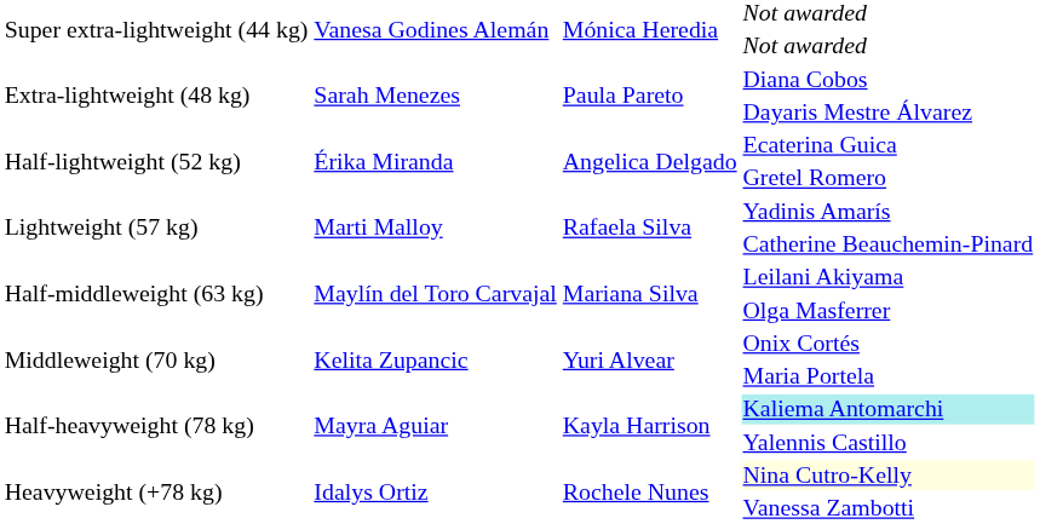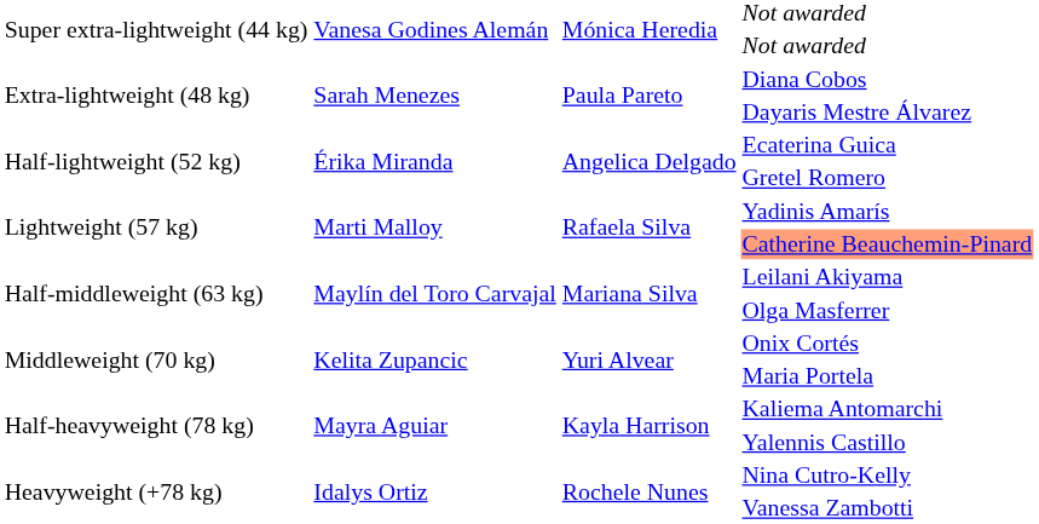 <table>
 <tr>
 <td rowspan=2>Super extra-lightweight (44 kg)</td>
 <td rowspan=2><a href='#'>Vanesa Godines Alemán</a> <br> </td>
 <td rowspan=2><a href='#'>Mónica Heredia</a> <br> </td>
 <td><em>Not awarded</em></td>
 </tr>
 <tr>
 <td><em>Not awarded</em></td>
 </tr>
 <tr>
 <td rowspan=2>Extra-lightweight (48 kg)</td>
 <td rowspan=2><a href='#'>Sarah Menezes</a><br> </td>
 <td rowspan=2><a href='#'>Paula Pareto</a> <br> </td>
 <td><a href='#'>Diana Cobos</a> <br> </td>
 </tr>
 <tr>
 <td><a href='#'>Dayaris Mestre Álvarez</a> <br> </td>
 </tr>
 <tr>
 <td rowspan=2>Half-lightweight (52 kg)</td>
 <td rowspan=2><a href='#'>Érika Miranda</a><br> </td>
 <td rowspan=2><a href='#'>Angelica Delgado</a><br> </td>
 <td><a href='#'>Ecaterina Guica</a> <br> </td>
 </tr>
 <tr>
 <td><a href='#'>Gretel Romero</a><br> </td>
 </tr>
 <tr>
 <td rowspan=2>Lightweight (57 kg)</td>
 <td rowspan=2><a href='#'>Marti Malloy</a> <br> </td>
 <td rowspan=2><a href='#'>Rafaela Silva</a> <br> </td>
 <td><a href='#'>Yadinis Amarís</a> <br> </td>
 </tr>
 <tr>
-<td><a href='#'>Catherine Beauchemin-Pinard</a> <br> </td>
+<td style="background: lightsalmon;"><a href='#'>Catherine Beauchemin-Pinard</a> <br> </td>
 </tr>
 <tr>
 <td rowspan=2>Half-middleweight (63 kg)</td>
 <td rowspan=2><a href='#'>Maylín del Toro Carvajal</a><br> </td>
 <td rowspan=2><a href='#'>Mariana Silva</a> <br> </td>
 <td><a href='#'>Leilani Akiyama</a> <br> </td>
 </tr>
 <tr>
 <td><a href='#'>Olga Masferrer</a> <br> </td>
 </tr>
 <tr>
 <td rowspan=2>Middleweight (70 kg)</td>
 <td rowspan=2><a href='#'>Kelita Zupancic</a> <br> </td>
 <td rowspan=2><a href='#'>Yuri Alvear</a><br> </td>
 <td><a href='#'>Onix Cortés</a> <br> </td>
 </tr>
 <tr>
 <td><a href='#'>Maria Portela</a> <br> </td>
 </tr>
 <tr>
 <td rowspan=2>Half-heavyweight (78 kg)</td>
 <td rowspan=2><a href='#'>Mayra Aguiar</a><br> </td>
 <td rowspan=2><a href='#'>Kayla Harrison</a> <br> </td>
-<td style="background: paleturquoise;"><a href='#'>Kaliema Antomarchi</a> <br> </td>
+<td><a href='#'>Kaliema Antomarchi</a> <br> </td>
 </tr>
 <tr>
 <td><a href='#'>Yalennis Castillo</a> <br> </td>
 </tr>
 <tr>
 <td rowspan=2>Heavyweight (+78 kg)</td>
 <td rowspan=2><a href='#'>Idalys Ortiz</a><br> </td>
 <td rowspan=2><a href='#'>Rochele Nunes</a> <br> </td>
-<td style="background: lightyellow;"><a href='#'>Nina Cutro-Kelly</a> <br> </td>
+<td><a href='#'>Nina Cutro-Kelly</a> <br> </td>
 </tr>
 <tr>
 <td><a href='#'>Vanessa Zambotti</a> <br> </td>
 </tr>
 </table>
